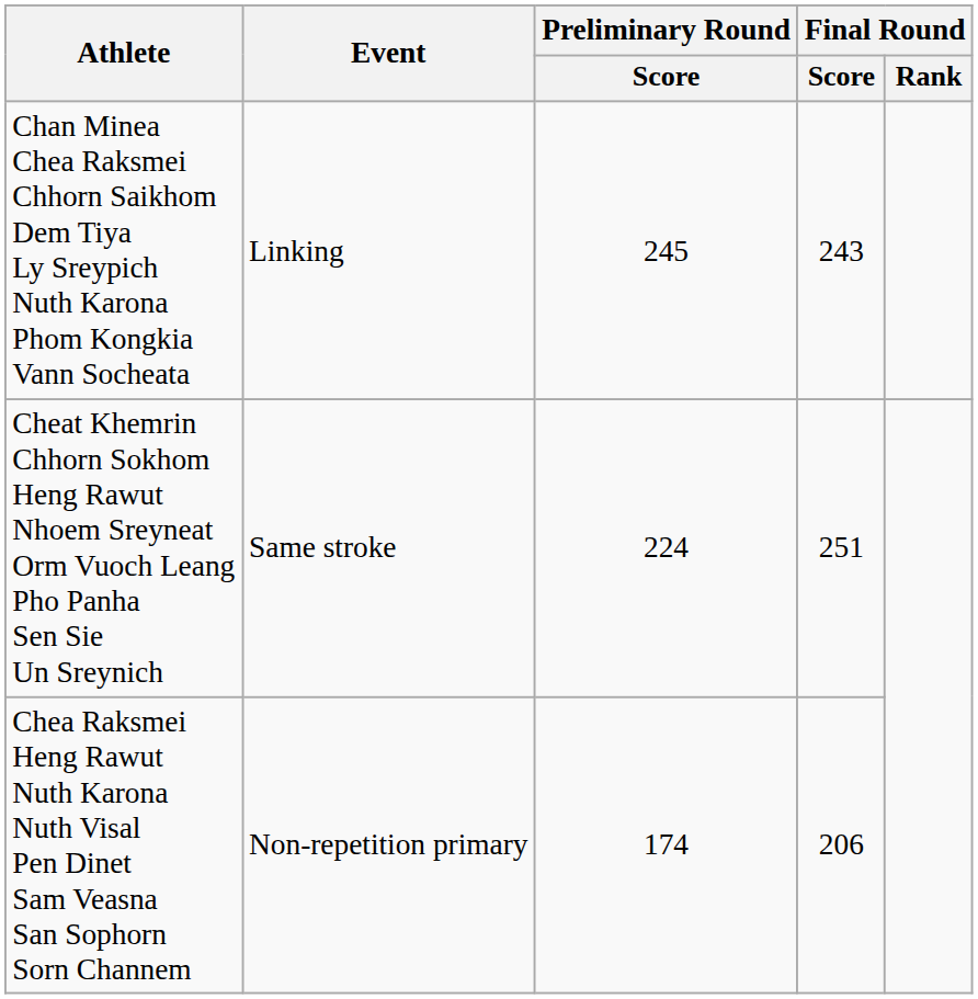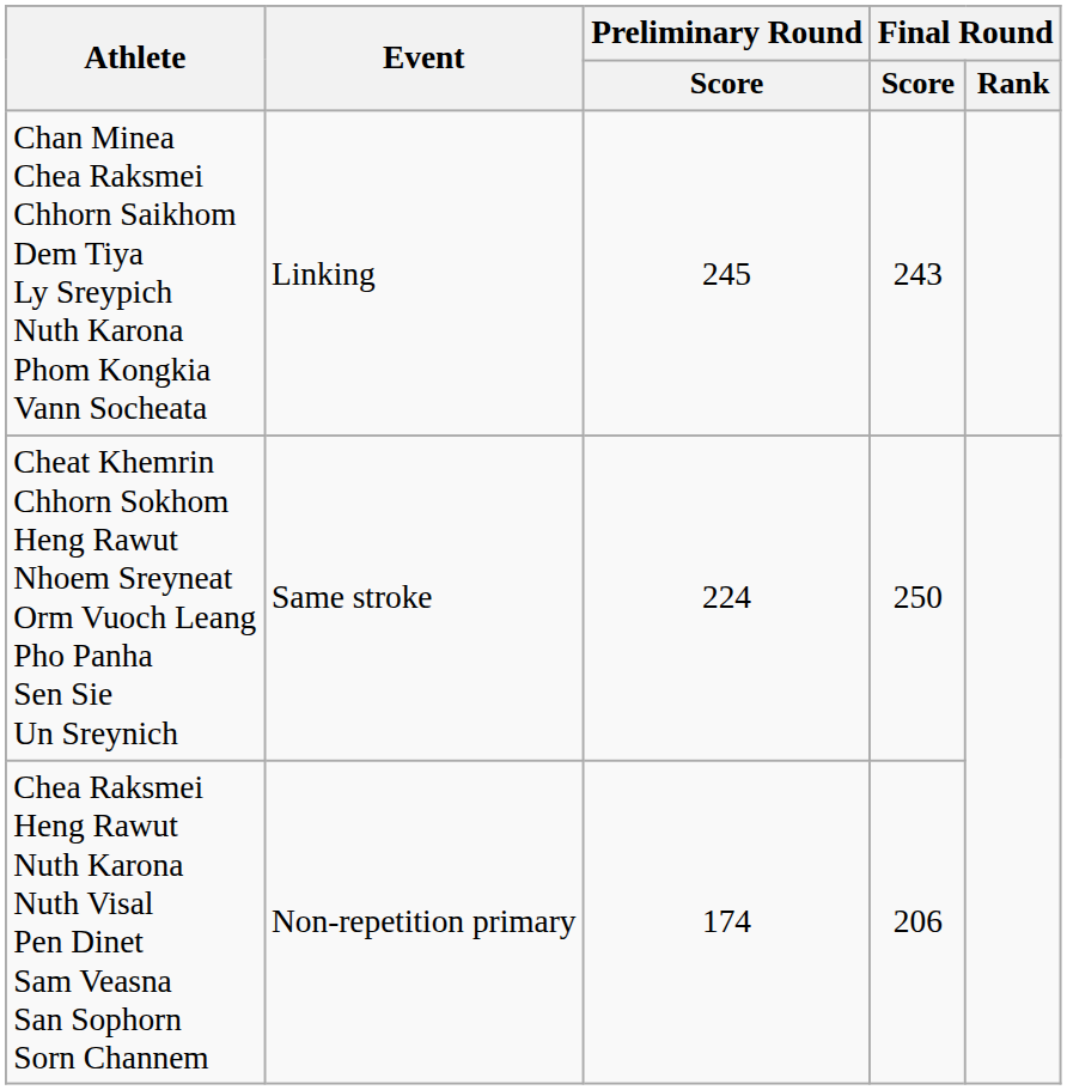 <table class="wikitable" style="font-size:90%">
 <tr>
 <th rowspan=2>Athlete</th>
 <th rowspan=2>Event</th>
 <th>Preliminary Round</th>
 <th colspan=2>Final Round</th>
 </tr>
 <tr style="font-size:95%">
 <th>Score</th>
 <th>Score</th>
 <th>Rank</th>
 </tr>
 <tr align=center>
 <td align=left>Chan Minea<br>Chea Raksmei<br>Chhorn Saikhom<br>Dem Tiya <br>Ly Sreypich<br>Nuth Karona<br>Phom Kongkia<br>Vann Socheata</td>
 <td align=left>Linking</td>
 <td>245</td>
 <td>243</td>
 <td></td>
 </tr>
 <tr align=center>
 <td align=left>Cheat Khemrin<br>Chhorn Sokhom <br>Heng Rawut<br>Nhoem Sreyneat<br>Orm Vuoch Leang<br>Pho Panha<br>Sen Sie<br>Un Sreynich</td>
 <td align=left>Same stroke</td>
 <td>224</td>
-<td>251</td>
+<td>250</td>
 <td rowspan=2></td>
 </tr>
 <tr align=center>
 <td align=left>Chea Raksmei<br> Heng Rawut<br>Nuth Karona<br>Nuth Visal<br>Pen Dinet<br>Sam Veasna<br>San Sophorn<br>Sorn Channem</td>
 <td align=left>Non-repetition primary</td>
 <td>174</td>
 <td>206</td>
 </tr>
 </table>
